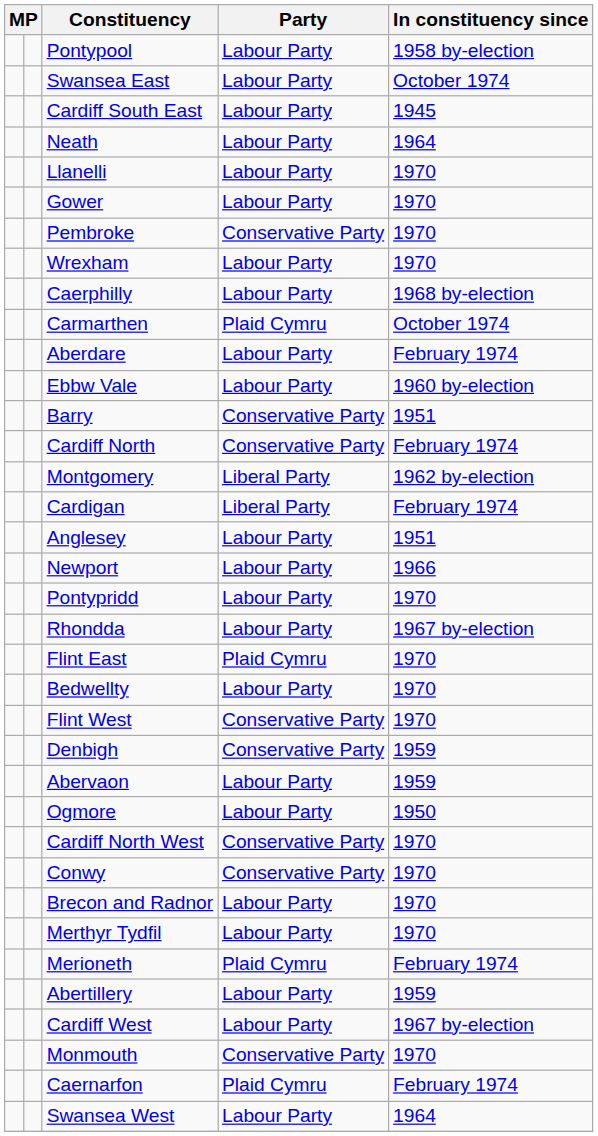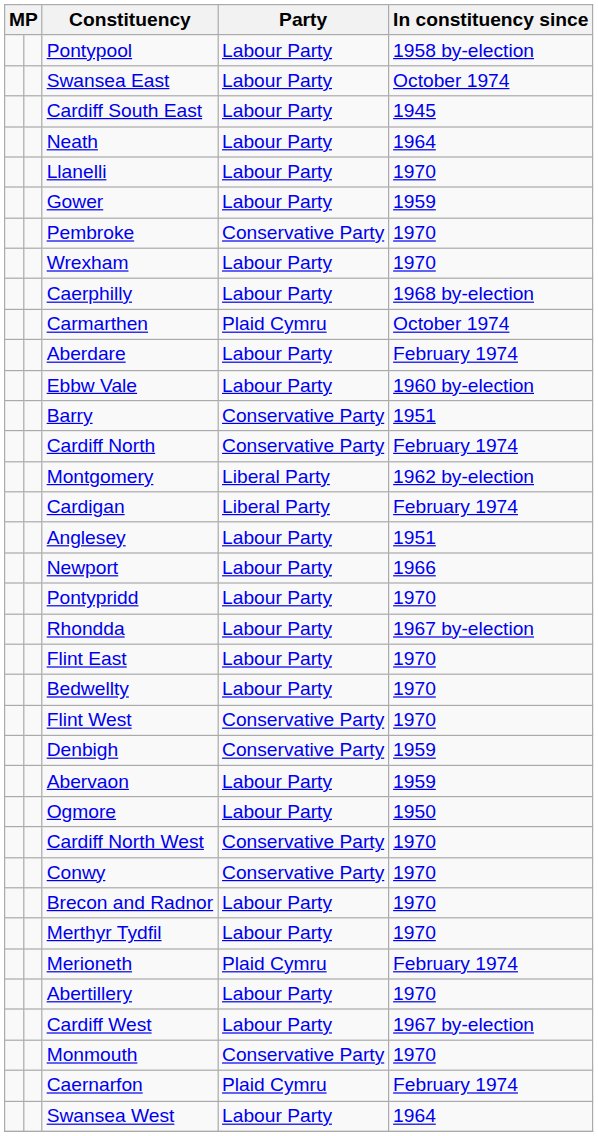 <table class="wikitable sortable">
 <tr>
 <th colspan=2>MP</th>
 <th>Constituency</th>
 <th>Party</th>
 <th>In constituency since</th>
 </tr>
 <tr>
 <td style="color:inherit;background-color: "></td>
 <td></td>
 <td><a href='#'>Pontypool</a></td>
 <td><a href='#'>Labour Party</a></td>
 <td><a href='#'>1958 by-election</a></td>
 </tr>
 <tr>
 <td style="color:inherit;background-color: "></td>
 <td></td>
 <td><a href='#'>Swansea East</a></td>
 <td><a href='#'>Labour Party</a></td>
 <td><a href='#'>October 1974</a></td>
 </tr>
 <tr>
 <td style="color:inherit;background-color: "></td>
 <td></td>
 <td><a href='#'>Cardiff South East</a></td>
 <td><a href='#'>Labour Party</a></td>
 <td><a href='#'>1945</a></td>
 </tr>
 <tr>
 <td style="color:inherit;background-color: "></td>
 <td></td>
 <td><a href='#'>Neath</a></td>
 <td><a href='#'>Labour Party</a></td>
 <td><a href='#'>1964</a></td>
 </tr>
 <tr>
 <td style="color:inherit;background-color: "></td>
 <td></td>
 <td><a href='#'>Llanelli</a></td>
 <td><a href='#'>Labour Party</a></td>
 <td><a href='#'>1970</a></td>
 </tr>
 <tr>
 <td style="color:inherit;background-color: "></td>
 <td></td>
 <td><a href='#'>Gower</a></td>
 <td><a href='#'>Labour Party</a></td>
-<td><a href='#'>1970</a></td>
+<td><a href='#'>1959</a></td>
 </tr>
 <tr>
 <td style="color:inherit;background-color: "></td>
 <td></td>
 <td><a href='#'>Pembroke</a></td>
 <td><a href='#'>Conservative Party</a></td>
 <td><a href='#'>1970</a></td>
 </tr>
 <tr>
 <td style="color:inherit;background-color: "></td>
 <td></td>
 <td><a href='#'>Wrexham</a></td>
 <td><a href='#'>Labour Party</a></td>
 <td><a href='#'>1970</a></td>
 </tr>
 <tr>
 <td style="color:inherit;background-color: "></td>
 <td></td>
 <td><a href='#'>Caerphilly</a></td>
 <td><a href='#'>Labour Party</a></td>
 <td><a href='#'>1968 by-election</a></td>
 </tr>
 <tr>
 <td style="color:inherit;background-color: "></td>
 <td></td>
 <td><a href='#'>Carmarthen</a></td>
 <td><a href='#'>Plaid Cymru</a></td>
 <td><a href='#'>October 1974</a></td>
 </tr>
 <tr>
 <td style="color:inherit;background-color: "></td>
 <td></td>
 <td><a href='#'>Aberdare</a></td>
 <td><a href='#'>Labour Party</a></td>
 <td><a href='#'>February 1974</a></td>
 </tr>
 <tr>
 <td style="color:inherit;background-color: "></td>
 <td></td>
 <td><a href='#'>Ebbw Vale</a></td>
 <td><a href='#'>Labour Party</a></td>
 <td><a href='#'>1960 by-election</a></td>
 </tr>
 <tr>
 <td style="color:inherit;background-color: "></td>
 <td></td>
 <td><a href='#'>Barry</a></td>
 <td><a href='#'>Conservative Party</a></td>
 <td><a href='#'>1951</a></td>
 </tr>
 <tr>
 <td style="color:inherit;background-color: "></td>
 <td></td>
 <td><a href='#'>Cardiff North</a></td>
 <td><a href='#'>Conservative Party</a></td>
 <td><a href='#'>February 1974</a></td>
 </tr>
 <tr>
 <td style="color:inherit;background-color: "></td>
 <td></td>
 <td><a href='#'>Montgomery</a></td>
 <td><a href='#'>Liberal Party</a></td>
 <td><a href='#'>1962 by-election</a></td>
 </tr>
 <tr>
 <td style="color:inherit;background-color: "></td>
 <td></td>
 <td><a href='#'>Cardigan</a></td>
 <td><a href='#'>Liberal Party</a></td>
 <td><a href='#'>February 1974</a></td>
 </tr>
 <tr>
 <td style="color:inherit;background-color: "></td>
 <td></td>
 <td><a href='#'>Anglesey</a></td>
 <td><a href='#'>Labour Party</a></td>
 <td><a href='#'>1951</a></td>
 </tr>
 <tr>
 <td style="color:inherit;background-color: "></td>
 <td></td>
 <td><a href='#'>Newport</a></td>
 <td><a href='#'>Labour Party</a></td>
 <td><a href='#'>1966</a></td>
 </tr>
 <tr>
 <td style="color:inherit;background-color: "></td>
 <td></td>
 <td><a href='#'>Pontypridd</a></td>
 <td><a href='#'>Labour Party</a></td>
 <td><a href='#'>1970</a></td>
 </tr>
 <tr>
 <td style="color:inherit;background-color: "></td>
 <td></td>
 <td><a href='#'>Rhondda</a></td>
 <td><a href='#'>Labour Party</a></td>
 <td><a href='#'>1967 by-election</a></td>
 </tr>
 <tr>
 <td style="color:inherit;background-color: "></td>
 <td></td>
 <td><a href='#'>Flint East</a></td>
-<td><a href='#'>Plaid Cymru</a></td>
+<td><a href='#'>Labour Party</a></td>
 <td><a href='#'>1970</a></td>
 </tr>
 <tr>
 <td style="color:inherit;background-color: "></td>
 <td></td>
 <td><a href='#'>Bedwellty</a></td>
 <td><a href='#'>Labour Party</a></td>
 <td><a href='#'>1970</a></td>
 </tr>
 <tr>
 <td style="color:inherit;background-color: "></td>
 <td></td>
 <td><a href='#'>Flint West</a></td>
 <td><a href='#'>Conservative Party</a></td>
 <td><a href='#'>1970</a></td>
 </tr>
 <tr>
 <td style="color:inherit;background-color: "></td>
 <td></td>
 <td><a href='#'>Denbigh</a></td>
 <td><a href='#'>Conservative Party</a></td>
 <td><a href='#'>1959</a></td>
 </tr>
 <tr>
 <td style="color:inherit;background-color: "></td>
 <td></td>
 <td><a href='#'>Abervaon</a></td>
 <td><a href='#'>Labour Party</a></td>
 <td><a href='#'>1959</a></td>
 </tr>
 <tr>
 <td style="color:inherit;background-color: "></td>
 <td></td>
 <td><a href='#'>Ogmore</a></td>
 <td><a href='#'>Labour Party</a></td>
 <td><a href='#'>1950</a></td>
 </tr>
 <tr>
 <td style="color:inherit;background-color: "></td>
 <td></td>
 <td><a href='#'>Cardiff North West</a></td>
 <td><a href='#'>Conservative Party</a></td>
 <td><a href='#'>1970</a></td>
 </tr>
 <tr>
 <td style="color:inherit;background-color: "></td>
 <td></td>
 <td><a href='#'>Conwy</a></td>
 <td><a href='#'>Conservative Party</a></td>
 <td><a href='#'>1970</a></td>
 </tr>
 <tr>
 <td style="color:inherit;background-color: "></td>
 <td></td>
 <td><a href='#'>Brecon and Radnor</a></td>
 <td><a href='#'>Labour Party</a></td>
 <td><a href='#'>1970</a></td>
 </tr>
 <tr>
 <td style="color:inherit;background-color: "></td>
 <td></td>
 <td><a href='#'>Merthyr Tydfil</a></td>
 <td><a href='#'>Labour Party</a></td>
 <td><a href='#'>1970</a></td>
 </tr>
 <tr>
 <td style="color:inherit;background-color: "></td>
 <td></td>
 <td><a href='#'>Merioneth</a></td>
 <td><a href='#'>Plaid Cymru</a></td>
 <td><a href='#'>February 1974</a></td>
 </tr>
 <tr>
 <td style="color:inherit;background-color: "></td>
 <td></td>
 <td><a href='#'>Abertillery</a></td>
 <td><a href='#'>Labour Party</a></td>
-<td><a href='#'>1959</a></td>
+<td><a href='#'>1970</a></td>
 </tr>
 <tr>
 <td style="color:inherit;background-color: "></td>
 <td></td>
 <td><a href='#'>Cardiff West</a></td>
 <td><a href='#'>Labour Party</a></td>
 <td><a href='#'>1967 by-election</a></td>
 </tr>
 <tr>
 <td style="color:inherit;background-color: "></td>
 <td></td>
 <td><a href='#'>Monmouth</a></td>
 <td><a href='#'>Conservative Party</a></td>
 <td><a href='#'>1970</a></td>
 </tr>
 <tr>
 <td style="color:inherit;background-color: "></td>
 <td></td>
 <td><a href='#'>Caernarfon</a></td>
 <td><a href='#'>Plaid Cymru</a></td>
 <td><a href='#'>February 1974</a></td>
 </tr>
 <tr>
 <td style="color:inherit;background-color: "></td>
 <td></td>
 <td><a href='#'>Swansea West</a></td>
 <td><a href='#'>Labour Party</a></td>
 <td><a href='#'>1964</a></td>
 </tr>
 <tr>
 </tr>
 </table>
